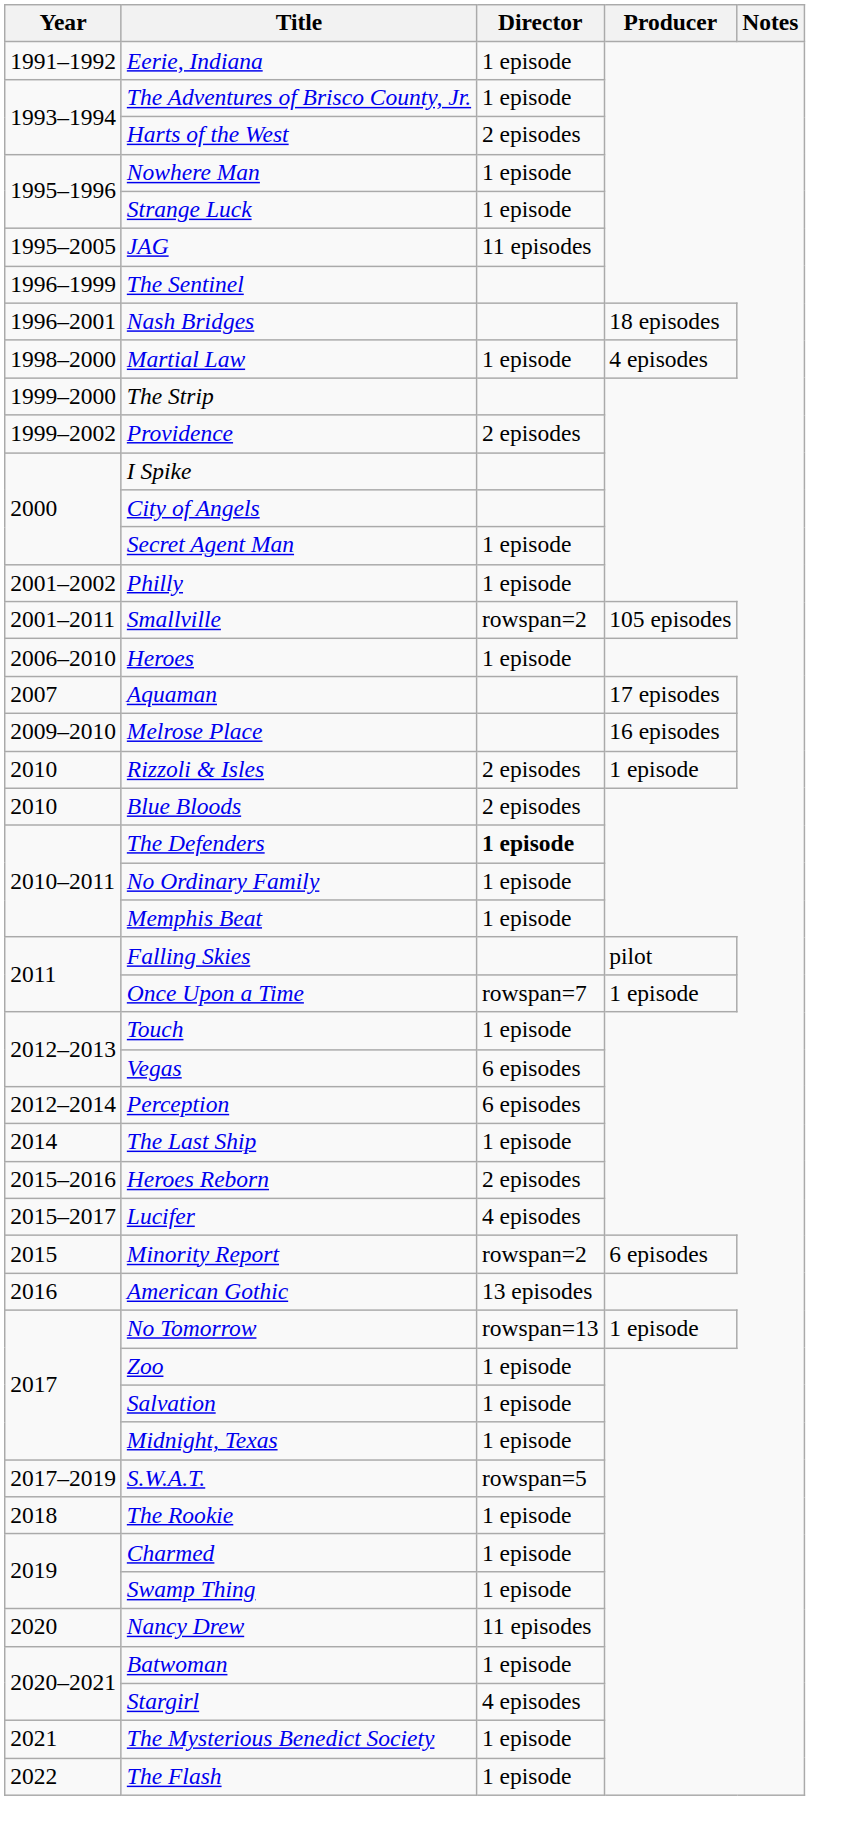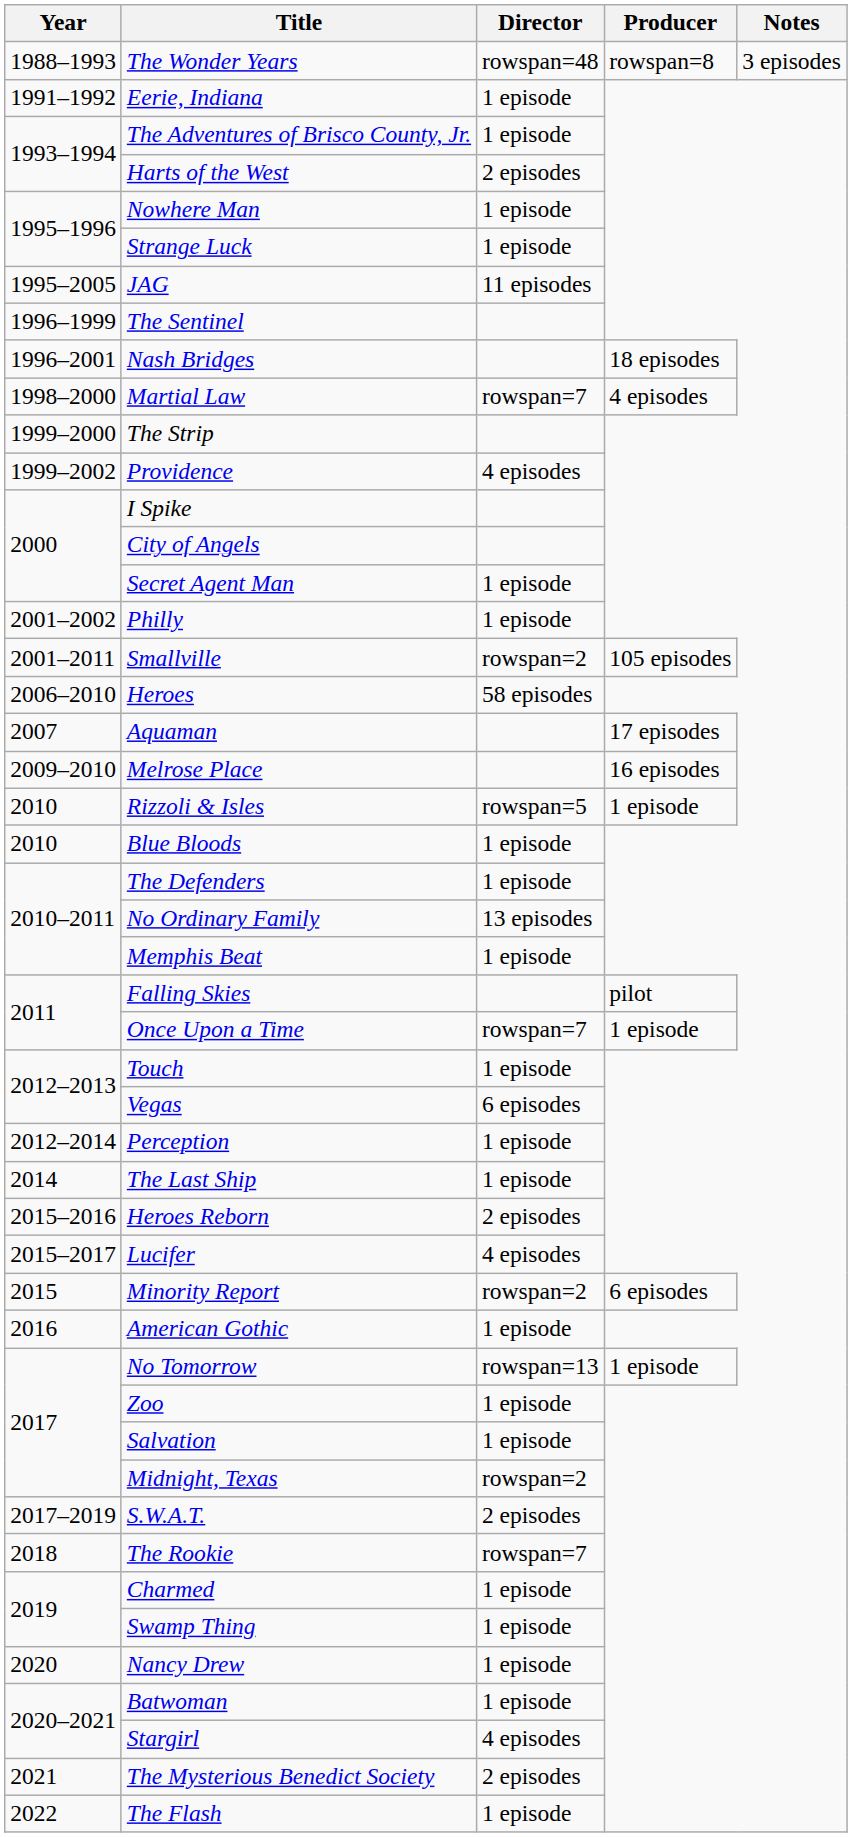 <table class="wikitable">
 <tr>
 <th>Year</th>
 <th>Title</th>
 <th>Director</th>
 <th>Producer</th>
 <th>Notes</th>
+</tr>
+<tr>
+<td>1988–1993</td>
+<td><em><a href='#'>The Wonder Years</a></em></td>
+<td>rowspan=48 </td>
+<td>rowspan=8 </td>
+<td>3 episodes</td>
 </tr>
 <tr>
 <td>1991–1992</td>
 <td><em><a href='#'>Eerie, Indiana</a></em></td>
 <td>1 episode</td>
 </tr>
 <tr>
 <td rowspan=2>1993–1994</td>
 <td><em><a href='#'>The Adventures of Brisco County, Jr.</a></em></td>
 <td>1 episode</td>
 </tr>
 <tr>
 <td><em><a href='#'>Harts of the West</a></em></td>
 <td>2 episodes</td>
 </tr>
 <tr>
 <td rowspan=2>1995–1996</td>
 <td><em><a href='#'>Nowhere Man</a></em></td>
 <td>1 episode</td>
 </tr>
 <tr>
 <td><em><a href='#'>Strange Luck</a></em></td>
 <td>1 episode</td>
 </tr>
 <tr>
 <td>1995–2005</td>
 <td><em><a href='#'>JAG</a></em></td>
 <td>11 episodes</td>
 </tr>
 <tr>
 <td>1996–1999</td>
 <td><em><a href='#'>The Sentinel</a></em></td>
 <td></td>
 </tr>
 <tr>
 <td>1996–2001</td>
 <td><em><a href='#'>Nash Bridges</a></em></td>
 <td></td>
 <td>18 episodes</td>
 </tr>
 <tr>
 <td>1998–2000</td>
 <td><em><a href='#'>Martial Law</a></em></td>
-<td>1 episode</td>
+<td>rowspan=7 </td>
 <td>4 episodes</td>
 </tr>
 <tr>
 <td>1999–2000</td>
 <td><em>The Strip</em></td>
 <td></td>
 </tr>
 <tr>
 <td>1999–2002</td>
 <td><em><a href='#'>Providence</a></em></td>
-<td>2 episodes</td>
+<td>4 episodes</td>
 </tr>
 <tr>
 <td rowspan=3>2000</td>
 <td><em>I Spike</em></td>
 <td></td>
 </tr>
 <tr>
 <td><em><a href='#'>City of Angels</a></em></td>
 <td></td>
 </tr>
 <tr>
 <td><em><a href='#'>Secret Agent Man</a></em></td>
 <td>1 episode</td>
 </tr>
 <tr>
 <td>2001–2002</td>
 <td><em><a href='#'>Philly</a></em></td>
 <td>1 episode</td>
 </tr>
 <tr>
 <td>2001–2011</td>
 <td><em><a href='#'>Smallville</a></em></td>
 <td>rowspan=2 </td>
 <td>105 episodes</td>
 </tr>
 <tr>
 <td>2006–2010</td>
 <td><em><a href='#'>Heroes</a></em></td>
-<td>1 episode</td>
+<td>58 episodes</td>
 </tr>
 <tr>
 <td>2007</td>
 <td><em><a href='#'>Aquaman</a></em></td>
 <td></td>
 <td>17 episodes</td>
 </tr>
 <tr>
 <td>2009–2010</td>
 <td><em><a href='#'>Melrose Place</a></em></td>
 <td></td>
 <td>16 episodes</td>
 </tr>
 <tr>
 <td>2010</td>
 <td><em><a href='#'>Rizzoli & Isles</a></em></td>
-<td>2 episodes</td>
+<td>rowspan=5 </td>
 <td>1 episode</td>
 </tr>
 <tr>
 <td>2010</td>
 <td><em><a href='#'>Blue Bloods</a></em></td>
-<td>2 episodes</td>
+<td>1 episode</td>
 </tr>
 <tr>
 <td rowspan=3>2010–2011</td>
 <td><em><a href='#'>The Defenders</a></em></td>
-<td><strong>1 episode</strong></td>
+<td>1 episode</td>
 </tr>
 <tr>
 <td><em><a href='#'>No Ordinary Family</a></em></td>
-<td>1 episode</td>
+<td>13 episodes</td>
 </tr>
 <tr>
 <td><em><a href='#'>Memphis Beat</a></em></td>
 <td>1 episode</td>
 </tr>
 <tr>
 <td rowspan=2>2011</td>
 <td><em><a href='#'>Falling Skies</a></em></td>
 <td></td>
 <td>pilot</td>
 </tr>
 <tr>
 <td><em><a href='#'>Once Upon a Time</a></em></td>
 <td>rowspan=7 </td>
 <td>1 episode</td>
 </tr>
 <tr>
 <td rowspan=2>2012–2013</td>
 <td><em><a href='#'>Touch</a></em></td>
 <td>1 episode</td>
 </tr>
 <tr>
 <td><em><a href='#'>Vegas</a></em></td>
 <td>6 episodes</td>
 </tr>
 <tr>
 <td>2012–2014</td>
 <td><em><a href='#'>Perception</a></em></td>
-<td>6 episodes</td>
+<td>1 episode</td>
 </tr>
 <tr>
 <td>2014</td>
 <td><em><a href='#'>The Last Ship</a></em></td>
 <td>1 episode</td>
 </tr>
 <tr>
 <td>2015–2016</td>
 <td><em><a href='#'>Heroes Reborn</a></em></td>
 <td>2 episodes</td>
 </tr>
 <tr>
 <td>2015–2017</td>
 <td><em><a href='#'>Lucifer</a></em></td>
 <td>4 episodes</td>
 </tr>
 <tr>
 <td>2015</td>
 <td><a href='#'><em>Minority Report</em></a></td>
 <td>rowspan=2 </td>
 <td>6 episodes</td>
 </tr>
 <tr>
 <td>2016</td>
 <td><em><a href='#'>American Gothic</a></em></td>
-<td>13 episodes</td>
+<td>1 episode</td>
 </tr>
 <tr>
 <td rowspan=4>2017</td>
 <td><em><a href='#'>No Tomorrow</a></em></td>
 <td>rowspan=13 </td>
 <td>1 episode</td>
 </tr>
 <tr>
 <td><em><a href='#'>Zoo</a></em></td>
 <td>1 episode</td>
 </tr>
 <tr>
 <td><em><a href='#'>Salvation</a></em></td>
 <td>1 episode</td>
 </tr>
 <tr>
 <td><em><a href='#'>Midnight, Texas</a></em></td>
-<td>1 episode</td>
+<td>rowspan=2 </td>
 </tr>
 <tr>
 <td>2017–2019</td>
 <td><em><a href='#'>S.W.A.T.</a></em></td>
-<td>rowspan=5 </td>
+<td>2 episodes</td>
 </tr>
 <tr>
 <td>2018</td>
 <td><em><a href='#'>The Rookie</a></em></td>
-<td>1 episode</td>
+<td>rowspan=7 </td>
 </tr>
 <tr>
 <td rowspan=2>2019</td>
 <td><em><a href='#'>Charmed</a></em></td>
 <td>1 episode</td>
 </tr>
 <tr>
 <td><em><a href='#'>Swamp Thing</a></em></td>
 <td>1 episode</td>
 </tr>
 <tr>
 <td>2020</td>
 <td><em><a href='#'>Nancy Drew</a></em></td>
-<td>11 episodes</td>
+<td>1 episode</td>
 </tr>
 <tr>
 <td rowspan=2>2020–2021</td>
 <td><em><a href='#'>Batwoman</a></em></td>
 <td>1 episode</td>
 </tr>
 <tr>
 <td><em><a href='#'>Stargirl</a></em></td>
 <td>4 episodes</td>
 </tr>
 <tr>
 <td>2021</td>
 <td><em><a href='#'>The Mysterious Benedict Society</a></em></td>
-<td>1 episode</td>
+<td>2 episodes</td>
 </tr>
 <tr>
 <td>2022</td>
 <td><em><a href='#'>The Flash</a></em></td>
 <td>1 episode</td>
 </tr>
 </table>
